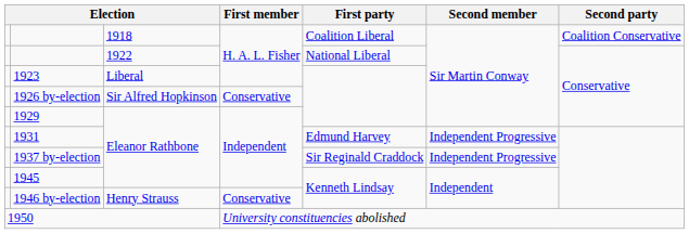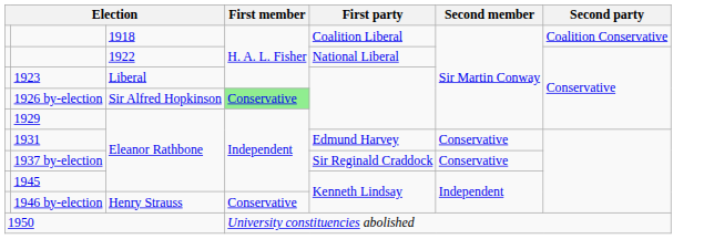 <table class="wikitable">
 <tr>
 <th colspan="3">Election</th>
 <th>First member</th>
 <th>First party</th>
 <th>Second member</th>
 <th>Second party</th>
 </tr>
 <tr>
 <td style="color:inherit;background-color: "></td>
 <td style="color:inherit;background-color: "></td>
 <td><a href='#'>1918</a></td>
 <td rowspan=3><a href='#'>H. A. L. Fisher</a></td>
 <td><a href='#'>Coalition Liberal</a></td>
 <td rowspan=5><a href='#'>Sir Martin Conway</a></td>
 <td><a href='#'>Coalition Conservative</a></td>
 </tr>
 <tr>
 <td style="color:inherit;background-color: "></td>
 <td style="color:inherit;background-color: "></td>
 <td><a href='#'>1922</a></td>
 <td><a href='#'>National Liberal</a></td>
 <td rowspan=4><a href='#'>Conservative</a></td>
 </tr>
 <tr>
 <td style="color:inherit;background-color: "></td>
 <td><a href='#'>1923</a></td>
 <td><a href='#'>Liberal</a></td>
 </tr>
 <tr>
 <td style="color:inherit;background-color: "></td>
 <td><a href='#'>1926 by-election</a></td>
 <td><a href='#'>Sir Alfred Hopkinson</a></td>
-<td><a href='#'>Conservative</a></td>
+<td style="background: lightgreen;"><a href='#'>Conservative</a></td>
 </tr>
 <tr>
 <td style="color:inherit;background-color: "></td>
 <td><a href='#'>1929</a></td>
 <td rowspan=4><a href='#'>Eleanor Rathbone</a></td>
 <td rowspan=4><a href='#'>Independent</a></td>
 </tr>
 <tr>
 <td style="color:inherit;background-color: "></td>
 <td><a href='#'>1931</a></td>
 <td><a href='#'>Edmund Harvey</a></td>
-<td><a href='#'>Independent Progressive</a></td>
+<td><a href='#'>Conservative</a></td>
 </tr>
 <tr>
 <td style="color:inherit;background-color: "></td>
 <td><a href='#'>1937 by-election</a></td>
 <td><a href='#'>Sir Reginald Craddock</a></td>
-<td><a href='#'>Independent Progressive</a></td>
+<td><a href='#'>Conservative</a></td>
 </tr>
 <tr>
 <td style="color:inherit;background-color: "></td>
 <td><a href='#'>1945</a></td>
 <td rowspan=2><a href='#'>Kenneth Lindsay</a></td>
 <td rowspan=2><a href='#'>Independent</a></td>
 </tr>
 <tr>
 <td style="color:inherit;background-color: "></td>
 <td><a href='#'>1946 by-election</a></td>
 <td><a href='#'>Henry Strauss</a></td>
 <td><a href='#'>Conservative</a></td>
 </tr>
 <tr>
 <td colspan="3"><a href='#'>1950</a></td>
 <td colspan="4"><em><a href='#'>University constituencies</a> abolished</em></td>
 </tr>
 </table>
